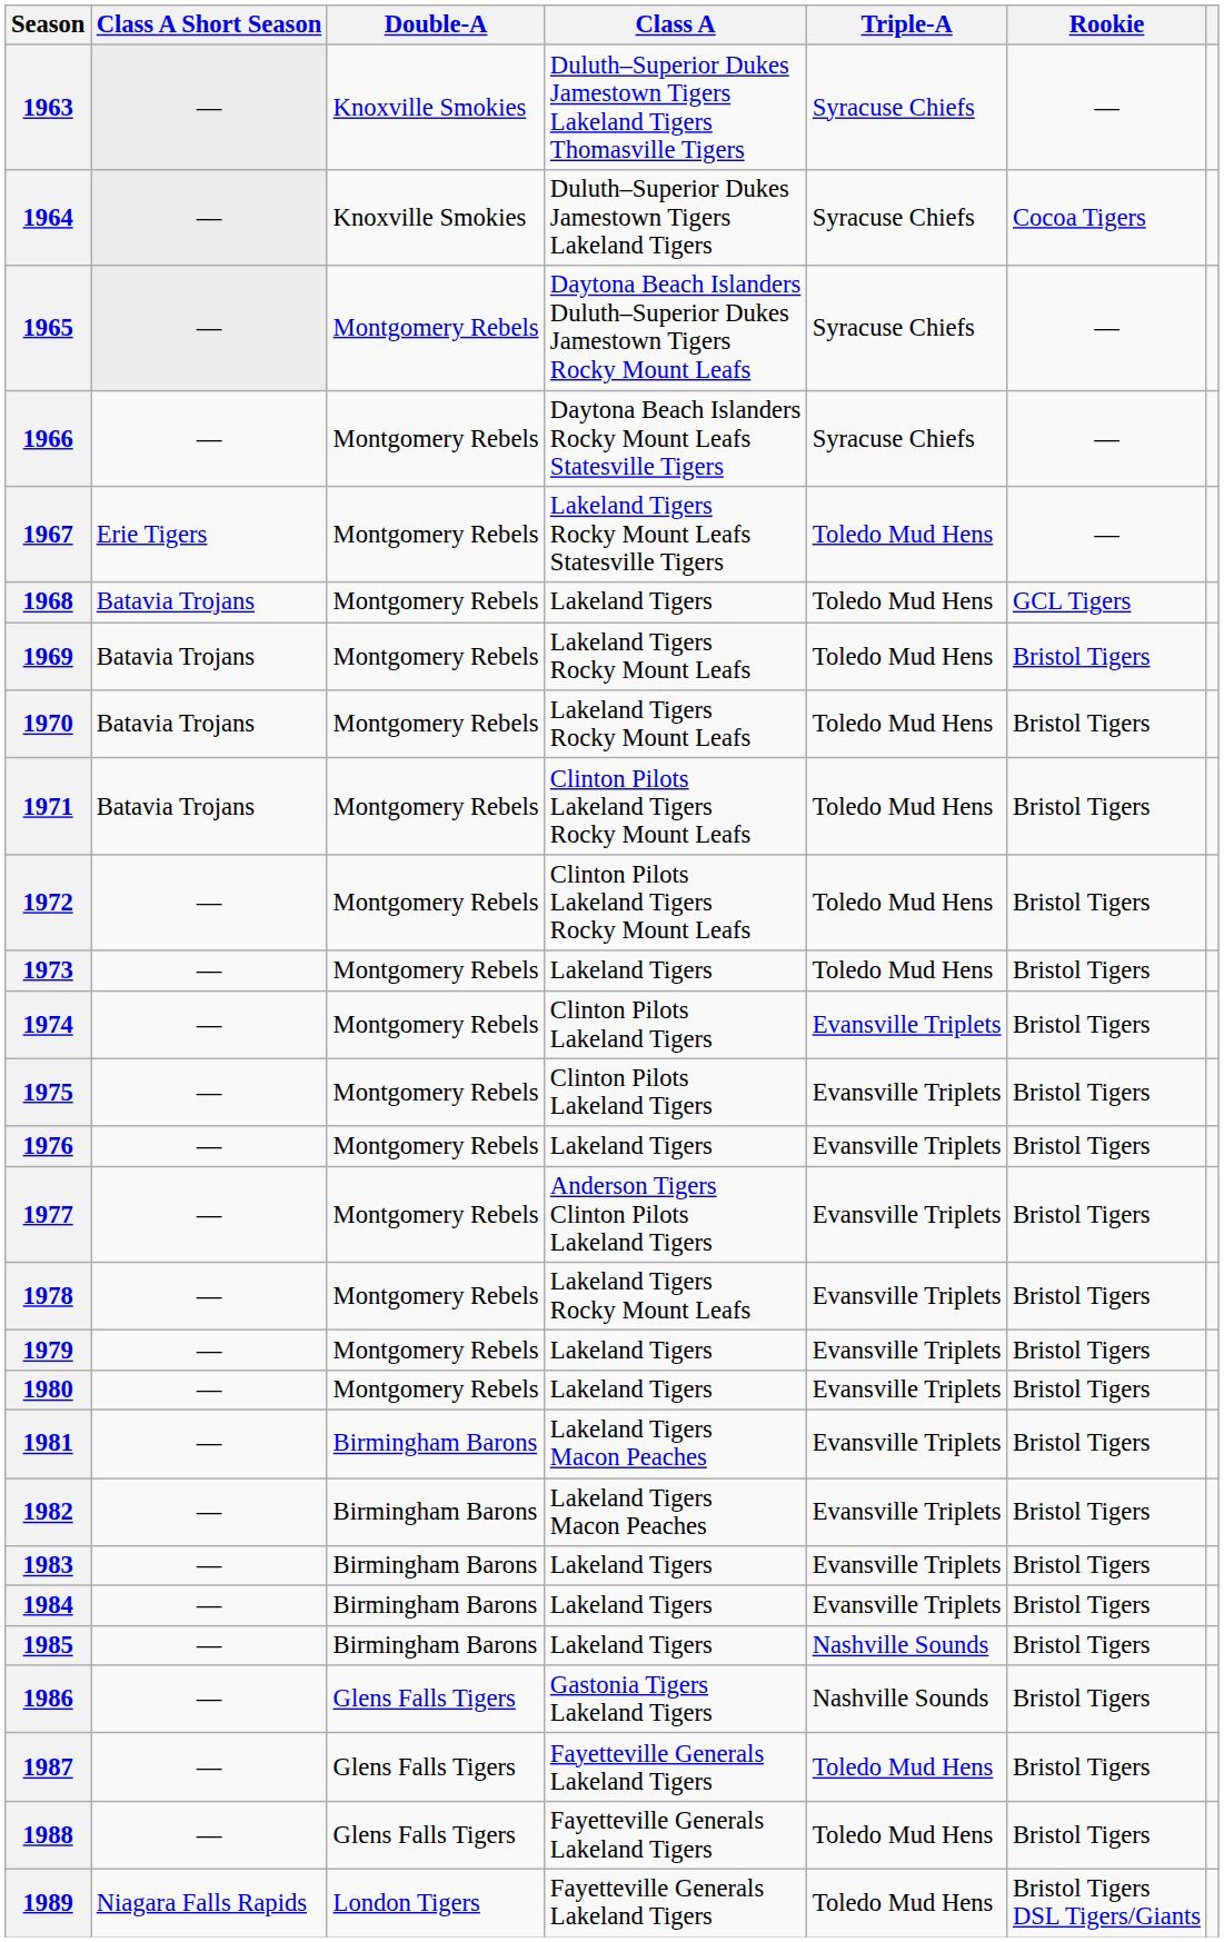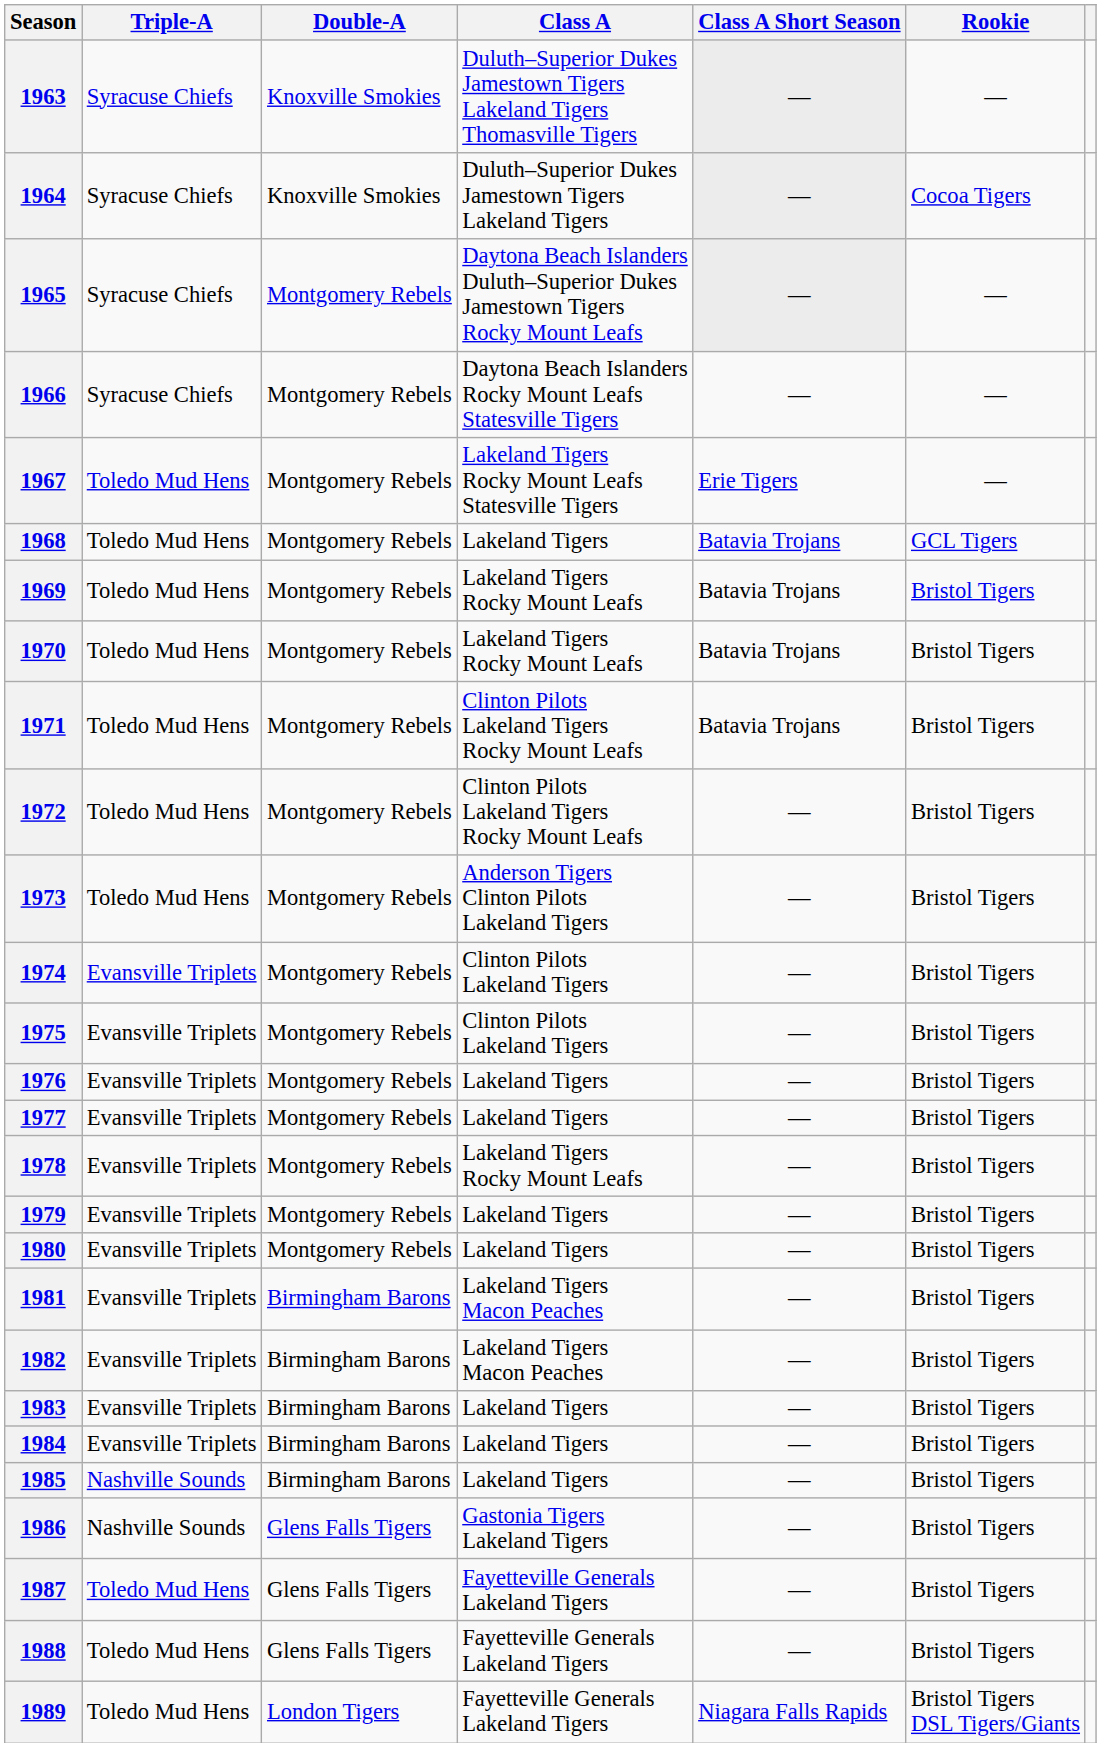 <table class="wikitable plainrowheaders">
 <tr>
 <th scope="col">Season</th>
-<th scope="col"><a href='#'><span>Class A Short Season</span></a></th>
+<th scope="col"><a href='#'><span>Triple-A</span></a></th>
 <th scope="col"><a href='#'><span>Double-A</span></a></th>
 <th scope="col"><a href='#'><span>Class A</span></a></th>
-<th scope="col"><a href='#'><span>Triple-A</span></a></th>
+<th scope="col"><a href='#'><span>Class A Short Season</span></a></th>
 <th scope="col"><a href='#'><span>Rookie</span></a></th>
 <th scope="col"></th>
 </tr>
 <tr>
 <th scope="row" style="text-align:center"><a href='#'>1963</a></th>
-<td style="background:#ececec" align="center">—</td>
+<td><a href='#'>Syracuse Chiefs</a></td>
 <td><a href='#'>Knoxville Smokies</a></td>
 <td><a href='#'>Duluth–Superior Dukes</a><br><a href='#'>Jamestown Tigers</a><br><a href='#'>Lakeland Tigers</a><br><a href='#'>Thomasville Tigers</a></td>
-<td><a href='#'>Syracuse Chiefs</a></td>
+<td style="background:#ececec" align="center">—</td>
 <td align="center">—</td>
 <td align="center"></td>
 </tr>
 <tr>
 <th scope="row" style="text-align:center"><a href='#'>1964</a></th>
-<td style="background:#ececec" align="center">—</td>
+<td>Syracuse Chiefs</td>
 <td>Knoxville Smokies</td>
 <td>Duluth–Superior Dukes<br>Jamestown Tigers<br>Lakeland Tigers</td>
-<td>Syracuse Chiefs</td>
+<td style="background:#ececec" align="center">—</td>
 <td><a href='#'>Cocoa Tigers</a></td>
 <td align="center"></td>
 </tr>
 <tr>
 <th scope="row" style="text-align:center"><a href='#'>1965</a></th>
-<td style="background:#ececec" align="center">—</td>
+<td>Syracuse Chiefs</td>
 <td><a href='#'>Montgomery Rebels</a></td>
 <td><a href='#'>Daytona Beach Islanders</a><br>Duluth–Superior Dukes<br>Jamestown Tigers<br><a href='#'>Rocky Mount Leafs</a></td>
-<td>Syracuse Chiefs</td>
+<td style="background:#ececec" align="center">—</td>
 <td align="center">—</td>
 <td align="center"></td>
 </tr>
 <tr>
 <th scope="row" style="text-align:center"><a href='#'>1966</a></th>
-<td align="center">—</td>
+<td>Syracuse Chiefs</td>
 <td>Montgomery Rebels</td>
 <td>Daytona Beach Islanders<br>Rocky Mount Leafs<br><a href='#'>Statesville Tigers</a></td>
-<td>Syracuse Chiefs</td>
+<td align="center">—</td>
 <td align="center">—</td>
 <td align="center"></td>
 </tr>
 <tr>
 <th scope="row" style="text-align:center"><a href='#'>1967</a></th>
-<td><a href='#'>Erie Tigers</a></td>
+<td><a href='#'>Toledo Mud Hens</a></td>
 <td>Montgomery Rebels</td>
 <td><a href='#'>Lakeland Tigers</a><br>Rocky Mount Leafs<br>Statesville Tigers</td>
-<td><a href='#'>Toledo Mud Hens</a></td>
+<td><a href='#'>Erie Tigers</a></td>
 <td align="center">—</td>
 <td align="center"></td>
 </tr>
 <tr>
 <th scope="row" style="text-align:center"><a href='#'>1968</a></th>
-<td><a href='#'>Batavia Trojans</a></td>
+<td>Toledo Mud Hens</td>
 <td>Montgomery Rebels</td>
 <td>Lakeland Tigers</td>
-<td>Toledo Mud Hens</td>
+<td><a href='#'>Batavia Trojans</a></td>
 <td><a href='#'>GCL Tigers</a></td>
 <td align="center"></td>
 </tr>
 <tr>
 <th scope="row" style="text-align:center"><a href='#'>1969</a></th>
-<td>Batavia Trojans</td>
+<td>Toledo Mud Hens</td>
 <td>Montgomery Rebels</td>
 <td>Lakeland Tigers<br>Rocky Mount Leafs</td>
-<td>Toledo Mud Hens</td>
+<td>Batavia Trojans</td>
 <td><a href='#'>Bristol Tigers</a></td>
 <td align="center"></td>
 </tr>
 <tr>
 <th scope="row" style="text-align:center"><a href='#'>1970</a></th>
-<td>Batavia Trojans</td>
+<td>Toledo Mud Hens</td>
 <td>Montgomery Rebels</td>
 <td>Lakeland Tigers<br>Rocky Mount Leafs</td>
-<td>Toledo Mud Hens</td>
+<td>Batavia Trojans</td>
 <td>Bristol Tigers</td>
 <td align="center"></td>
 </tr>
 <tr>
 <th scope="row" style="text-align:center"><a href='#'>1971</a></th>
-<td>Batavia Trojans</td>
+<td>Toledo Mud Hens</td>
 <td>Montgomery Rebels</td>
 <td><a href='#'>Clinton Pilots</a><br>Lakeland Tigers<br>Rocky Mount Leafs</td>
-<td>Toledo Mud Hens</td>
+<td>Batavia Trojans</td>
 <td>Bristol Tigers</td>
 <td align="center"></td>
 </tr>
 <tr>
 <th scope="row" style="text-align:center"><a href='#'>1972</a></th>
-<td align="center">—</td>
+<td>Toledo Mud Hens</td>
 <td>Montgomery Rebels</td>
 <td>Clinton Pilots<br>Lakeland Tigers<br>Rocky Mount Leafs</td>
-<td>Toledo Mud Hens</td>
+<td align="center">—</td>
 <td>Bristol Tigers</td>
 <td align="center"></td>
 </tr>
 <tr>
 <th scope="row" style="text-align:center"><a href='#'>1973</a></th>
+<td>Toledo Mud Hens</td>
+<td>Montgomery Rebels</td>
+<td><a href='#'>Anderson Tigers</a><br>Clinton Pilots<br>Lakeland Tigers</td>
 <td align="center">—</td>
-<td>Montgomery Rebels</td>
-<td>Lakeland Tigers</td>
-<td>Toledo Mud Hens</td>
 <td>Bristol Tigers</td>
 <td align="center"></td>
 </tr>
 <tr>
 <th scope="row" style="text-align:center"><a href='#'>1974</a></th>
-<td align="center">—</td>
+<td><a href='#'>Evansville Triplets</a></td>
 <td>Montgomery Rebels</td>
 <td>Clinton Pilots<br>Lakeland Tigers</td>
-<td><a href='#'>Evansville Triplets</a></td>
+<td align="center">—</td>
 <td>Bristol Tigers</td>
 <td align="center"></td>
 </tr>
 <tr>
 <th scope="row" style="text-align:center"><a href='#'>1975</a></th>
-<td align="center">—</td>
+<td>Evansville Triplets</td>
 <td>Montgomery Rebels</td>
 <td>Clinton Pilots<br>Lakeland Tigers</td>
-<td>Evansville Triplets</td>
+<td align="center">—</td>
 <td>Bristol Tigers</td>
 <td align="center"></td>
 </tr>
 <tr>
 <th scope="row" style="text-align:center"><a href='#'>1976</a></th>
-<td align="center">—</td>
+<td>Evansville Triplets</td>
 <td>Montgomery Rebels</td>
 <td>Lakeland Tigers</td>
-<td>Evansville Triplets</td>
+<td align="center">—</td>
 <td>Bristol Tigers</td>
 <td align="center"></td>
 </tr>
 <tr>
 <th scope="row" style="text-align:center"><a href='#'>1977</a></th>
+<td>Evansville Triplets</td>
+<td>Montgomery Rebels</td>
+<td>Lakeland Tigers</td>
 <td align="center">—</td>
-<td>Montgomery Rebels</td>
-<td><a href='#'>Anderson Tigers</a><br>Clinton Pilots<br>Lakeland Tigers</td>
-<td>Evansville Triplets</td>
 <td>Bristol Tigers</td>
 <td align="center"></td>
 </tr>
 <tr>
 <th scope="row" style="text-align:center"><a href='#'>1978</a></th>
-<td align="center">—</td>
+<td>Evansville Triplets</td>
 <td>Montgomery Rebels</td>
 <td>Lakeland Tigers<br>Rocky Mount Leafs</td>
-<td>Evansville Triplets</td>
+<td align="center">—</td>
 <td>Bristol Tigers</td>
 <td align="center"></td>
 </tr>
 <tr>
 <th scope="row" style="text-align:center"><a href='#'>1979</a></th>
-<td align="center">—</td>
+<td>Evansville Triplets</td>
 <td>Montgomery Rebels</td>
 <td>Lakeland Tigers</td>
-<td>Evansville Triplets</td>
+<td align="center">—</td>
 <td>Bristol Tigers</td>
 <td align="center"></td>
 </tr>
 <tr>
 <th scope="row" style="text-align:center"><a href='#'>1980</a></th>
-<td align="center">—</td>
+<td>Evansville Triplets</td>
 <td>Montgomery Rebels</td>
 <td>Lakeland Tigers</td>
-<td>Evansville Triplets</td>
+<td align="center">—</td>
 <td>Bristol Tigers</td>
 <td align="center"></td>
 </tr>
 <tr>
 <th scope="row" style="text-align:center"><a href='#'>1981</a></th>
-<td align="center">—</td>
+<td>Evansville Triplets</td>
 <td><a href='#'>Birmingham Barons</a></td>
 <td>Lakeland Tigers<br><a href='#'>Macon Peaches</a></td>
-<td>Evansville Triplets</td>
+<td align="center">—</td>
 <td>Bristol Tigers</td>
 <td align="center"></td>
 </tr>
 <tr>
 <th scope="row" style="text-align:center"><a href='#'>1982</a></th>
-<td align="center">—</td>
+<td>Evansville Triplets</td>
 <td>Birmingham Barons</td>
 <td>Lakeland Tigers<br>Macon Peaches</td>
-<td>Evansville Triplets</td>
+<td align="center">—</td>
 <td>Bristol Tigers</td>
 <td align="center"></td>
 </tr>
 <tr>
 <th scope="row" style="text-align:center"><a href='#'>1983</a></th>
-<td align="center">—</td>
+<td>Evansville Triplets</td>
 <td>Birmingham Barons</td>
 <td>Lakeland Tigers</td>
-<td>Evansville Triplets</td>
+<td align="center">—</td>
 <td>Bristol Tigers</td>
 <td align="center"></td>
 </tr>
 <tr>
 <th scope="row" style="text-align:center"><a href='#'>1984</a></th>
-<td align="center">—</td>
+<td>Evansville Triplets</td>
 <td>Birmingham Barons</td>
 <td>Lakeland Tigers</td>
-<td>Evansville Triplets</td>
+<td align="center">—</td>
 <td>Bristol Tigers</td>
 <td align="center"></td>
 </tr>
 <tr>
 <th scope="row" style="text-align:center"><a href='#'>1985</a></th>
-<td align="center">—</td>
+<td><a href='#'>Nashville Sounds</a></td>
 <td>Birmingham Barons</td>
 <td>Lakeland Tigers</td>
-<td><a href='#'>Nashville Sounds</a></td>
+<td align="center">—</td>
 <td>Bristol Tigers</td>
 <td align="center"></td>
 </tr>
 <tr>
 <th scope="row" style="text-align:center"><a href='#'>1986</a></th>
-<td align="center">—</td>
+<td>Nashville Sounds</td>
 <td><a href='#'>Glens Falls Tigers</a></td>
 <td><a href='#'>Gastonia Tigers</a><br>Lakeland Tigers</td>
-<td>Nashville Sounds</td>
+<td align="center">—</td>
 <td>Bristol Tigers</td>
 <td align="center"></td>
 </tr>
 <tr>
 <th scope="row" style="text-align:center"><a href='#'>1987</a></th>
-<td align="center">—</td>
+<td><a href='#'>Toledo Mud Hens</a></td>
 <td>Glens Falls Tigers</td>
 <td><a href='#'>Fayetteville Generals</a><br>Lakeland Tigers</td>
-<td><a href='#'>Toledo Mud Hens</a></td>
+<td align="center">—</td>
 <td>Bristol Tigers</td>
 <td align="center"></td>
 </tr>
 <tr>
 <th scope="row" style="text-align:center"><a href='#'>1988</a></th>
-<td align="center">—</td>
+<td>Toledo Mud Hens</td>
 <td>Glens Falls Tigers</td>
 <td>Fayetteville Generals<br>Lakeland Tigers</td>
-<td>Toledo Mud Hens</td>
+<td align="center">—</td>
 <td>Bristol Tigers</td>
 <td align="center"></td>
 </tr>
 <tr>
 <th scope="row" style="text-align:center"><a href='#'>1989</a></th>
-<td><a href='#'>Niagara Falls Rapids</a></td>
+<td>Toledo Mud Hens</td>
 <td><a href='#'>London Tigers</a></td>
 <td>Fayetteville Generals<br>Lakeland Tigers</td>
-<td>Toledo Mud Hens</td>
+<td><a href='#'>Niagara Falls Rapids</a></td>
 <td>Bristol Tigers<br><a href='#'>DSL Tigers/Giants</a></td>
 <td align="center"></td>
 </tr>
 </table>
